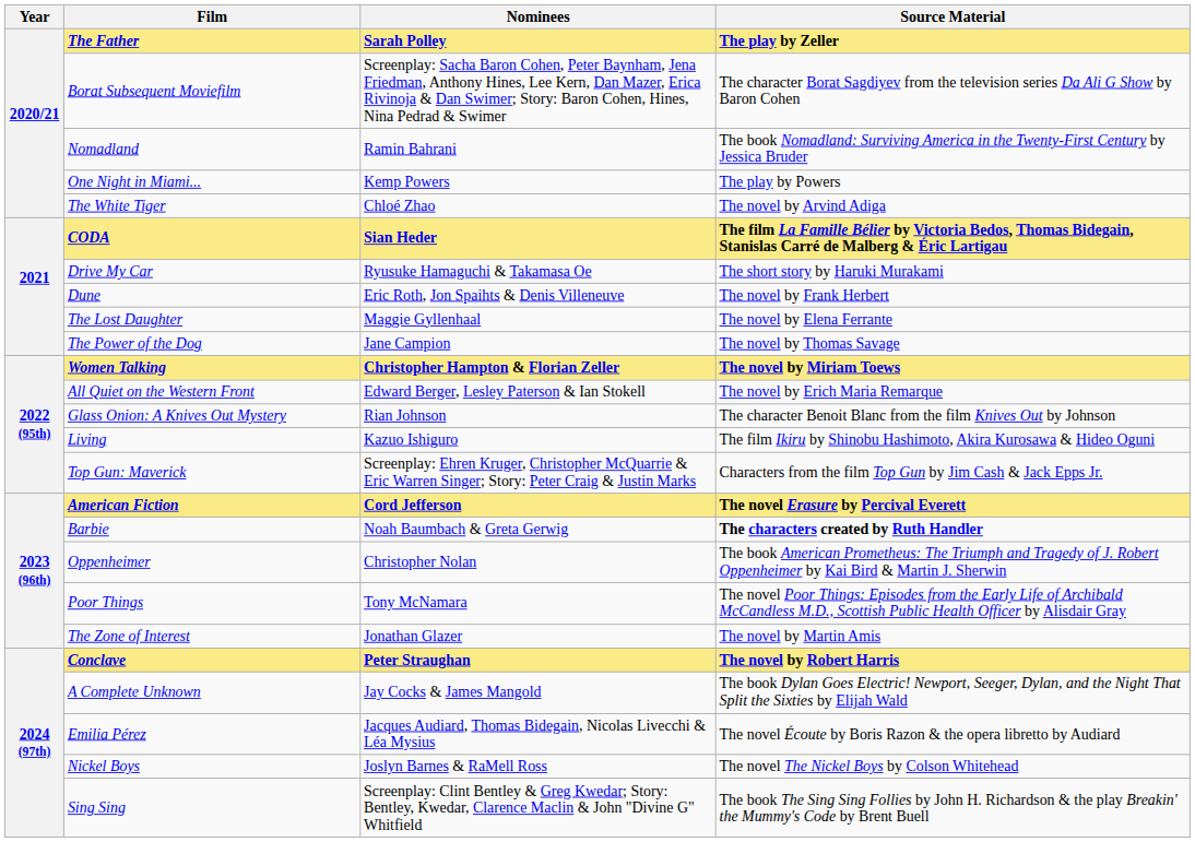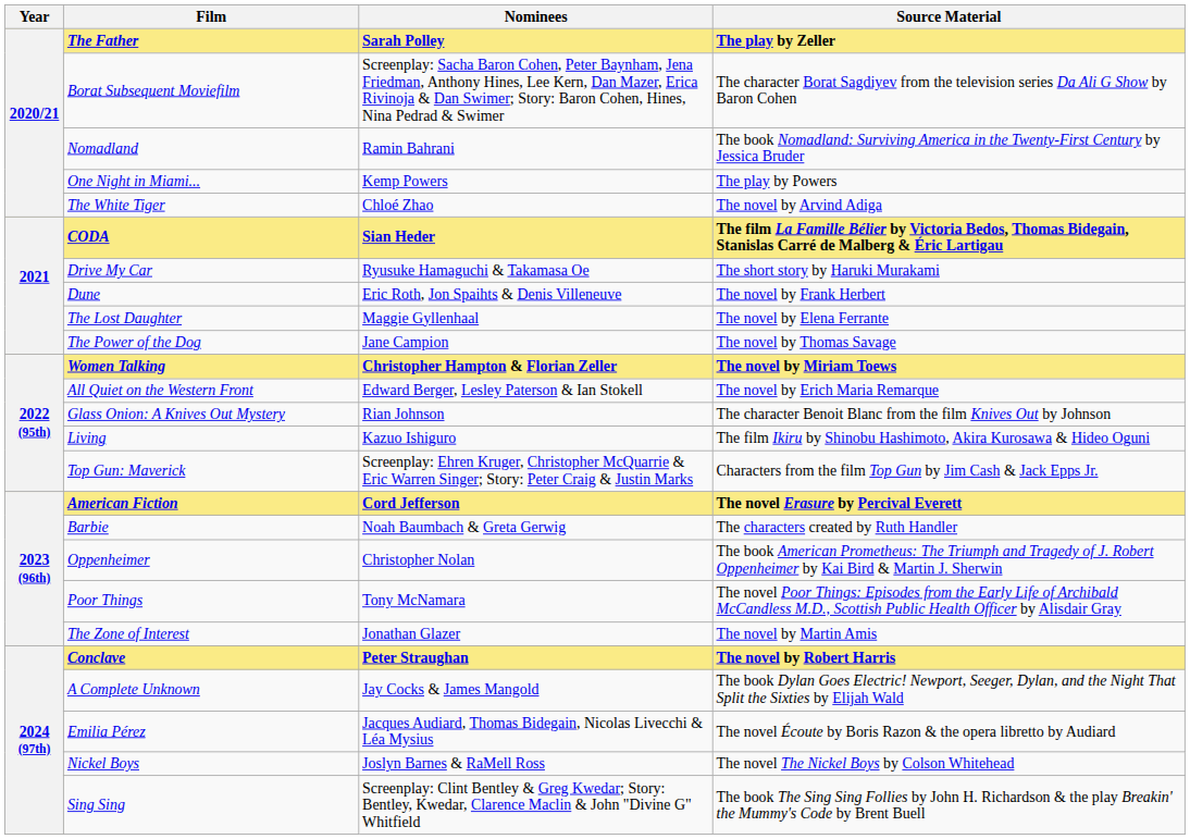 <table class="wikitable">
 <tr>
 <th width="5%">Year</th>
 <th width="25%">Film</th>
 <th width="30%">Nominees</th>
 <th width="40%">Source Material</th>
 </tr>
 <tr style="background:#FAEB86">
 <th rowspan="5"><a href='#'>2020/21</a><br> <br></th>
 <td><strong><em><a href='#'>The Father</a></em></strong></td>
 <td><strong><a href='#'>Sarah Polley</a></strong></td>
 <td><strong><a href='#'>The play</a> by Zeller</strong></td>
 </tr>
 <tr>
 <td><em><a href='#'>Borat Subsequent Moviefilm</a></em></td>
 <td>Screenplay: <a href='#'>Sacha Baron Cohen</a>, <a href='#'>Peter Baynham</a>, <a href='#'>Jena Friedman</a>, Anthony Hines, Lee Kern, <a href='#'>Dan Mazer</a>, <a href='#'>Erica Rivinoja</a> & <a href='#'>Dan Swimer</a>; Story: Baron Cohen, Hines, Nina Pedrad & Swimer</td>
 <td>The character <a href='#'>Borat Sagdiyev</a> from the television series <em><a href='#'>Da Ali G Show</a></em> by Baron Cohen</td>
 </tr>
 <tr>
 <td><em><a href='#'>Nomadland</a></em></td>
 <td><a href='#'>Ramin Bahrani</a></td>
 <td>The book <em><a href='#'>Nomadland: Surviving America in the Twenty-First Century</a></em> by <a href='#'>Jessica Bruder</a></td>
 </tr>
 <tr>
 <td><em><a href='#'>One Night in Miami...</a></em></td>
 <td><a href='#'>Kemp Powers</a></td>
 <td><a href='#'>The play</a> by Powers</td>
 </tr>
 <tr>
 <td><em><a href='#'>The White Tiger</a></em></td>
 <td><a href='#'>Chloé Zhao</a></td>
 <td><a href='#'>The novel</a> by <a href='#'>Arvind Adiga</a></td>
 </tr>
 <tr style="background:#FAEB86">
 <th rowspan="5"><a href='#'>2021</a><br> <br></th>
 <td><em><a href='#'><strong>CODA</strong></a></em></td>
 <td><strong><a href='#'>Sian Heder</a></strong></td>
 <td><strong>The film <em><a href='#'>La Famille Bélier</a></em> by <a href='#'>Victoria Bedos</a>, <a href='#'>Thomas Bidegain</a>, Stanislas Carré de Malberg & <a href='#'>Éric Lartigau</a></strong></td>
 </tr>
 <tr>
 <td><em><a href='#'>Drive My Car</a></em></td>
 <td><a href='#'>Ryusuke Hamaguchi</a> & <a href='#'>Takamasa Oe</a></td>
 <td><a href='#'>The short story</a> by <a href='#'>Haruki Murakami</a></td>
 </tr>
 <tr>
 <td><em><a href='#'>Dune</a></em></td>
 <td><a href='#'>Eric Roth</a>, <a href='#'>Jon Spaihts</a> & <a href='#'>Denis Villeneuve</a></td>
 <td><a href='#'>The novel</a> by <a href='#'>Frank Herbert</a></td>
 </tr>
 <tr>
 <td><em><a href='#'>The Lost Daughter</a></em></td>
 <td><a href='#'>Maggie Gyllenhaal</a></td>
 <td><a href='#'>The novel</a> by <a href='#'>Elena Ferrante</a></td>
 </tr>
 <tr>
 <td><em><a href='#'>The Power of the Dog</a></em></td>
 <td><a href='#'>Jane Campion</a></td>
 <td><a href='#'>The novel</a> by <a href='#'>Thomas Savage</a></td>
 </tr>
 <tr style="background:#FAEB86">
 <th rowspan="5"><a href='#'>2022</a> <br><small><a href='#'>(95th)</a></small><br></th>
 <td><strong><em><a href='#'>Women Talking</a></em></strong></td>
 <td><strong><a href='#'>Christopher Hampton</a> & <a href='#'>Florian Zeller</a></strong></td>
 <td><strong><a href='#'>The novel</a> by <a href='#'>Miriam Toews</a></strong></td>
 </tr>
 <tr>
 <td><em><a href='#'>All Quiet on the Western Front</a></em></td>
 <td><a href='#'>Edward Berger</a>, <a href='#'>Lesley Paterson</a> & Ian Stokell</td>
 <td><a href='#'>The novel</a> by <a href='#'>Erich Maria Remarque</a></td>
 </tr>
 <tr>
 <td><em><a href='#'>Glass Onion: A Knives Out Mystery</a></em></td>
 <td><a href='#'>Rian Johnson</a></td>
 <td>The character Benoit Blanc from the film <em><a href='#'>Knives Out</a></em> by Johnson</td>
 </tr>
 <tr>
 <td><em><a href='#'>Living</a></em></td>
 <td><a href='#'>Kazuo Ishiguro</a></td>
 <td>The film <em><a href='#'>Ikiru</a></em> by <a href='#'>Shinobu Hashimoto</a>, <a href='#'>Akira Kurosawa</a> & <a href='#'>Hideo Oguni</a></td>
 </tr>
 <tr>
 <td><em><a href='#'>Top Gun: Maverick</a></em></td>
 <td>Screenplay: <a href='#'>Ehren Kruger</a>, <a href='#'>Christopher McQuarrie</a> & <a href='#'>Eric Warren Singer</a>; Story: <a href='#'>Peter Craig</a> & <a href='#'>Justin Marks</a></td>
 <td>Characters from the film <em><a href='#'>Top Gun</a></em> by <a href='#'>Jim Cash</a> & <a href='#'>Jack Epps Jr.</a></td>
 </tr>
 <tr style="background:#FAEB86">
 <th rowspan="5"><a href='#'>2023</a> <br><small><a href='#'>(96th)</a></small> <br></th>
 <td><strong><em><a href='#'>American Fiction</a></em></strong></td>
 <td><strong><a href='#'>Cord Jefferson</a></strong></td>
 <td><strong>The novel <em><a href='#'>Erasure</a></em> by <a href='#'>Percival Everett</a></strong></td>
 </tr>
 <tr>
 <td><em><a href='#'>Barbie</a></em></td>
 <td><a href='#'>Noah Baumbach</a> & <a href='#'>Greta Gerwig</a></td>
-<td><strong>The <a href='#'>characters</a> created by <a href='#'>Ruth Handler</a></strong></td>
+<td>The <a href='#'>characters</a> created by <a href='#'>Ruth Handler</a></td>
 </tr>
 <tr>
 <td><em><a href='#'>Oppenheimer</a></em></td>
 <td><a href='#'>Christopher Nolan</a></td>
 <td>The book <em><a href='#'>American Prometheus: The Triumph and Tragedy of J. Robert Oppenheimer</a></em> by <a href='#'>Kai Bird</a> & <a href='#'>Martin J. Sherwin</a></td>
 </tr>
 <tr>
 <td><em><a href='#'>Poor Things</a></em></td>
 <td><a href='#'>Tony McNamara</a></td>
 <td>The novel <em><a href='#'>Poor Things: Episodes from the Early Life of Archibald McCandless M.D., Scottish Public Health Officer</a></em> by <a href='#'>Alisdair Gray</a></td>
 </tr>
 <tr>
 <td><em><a href='#'>The Zone of Interest</a></em></td>
 <td><a href='#'>Jonathan Glazer</a></td>
 <td><a href='#'>The novel</a> by <a href='#'>Martin Amis</a></td>
 </tr>
 <tr style="background:#FAEB86">
 <th rowspan="5"><a href='#'>2024</a> <br><small><a href='#'>(97th)</a></small> <br></th>
 <td><strong><a href='#'><em>Conclave</em></a></strong></td>
 <td><strong><a href='#'>Peter Straughan</a></strong></td>
 <td><strong><a href='#'>The novel</a> by <a href='#'>Robert Harris</a></strong></td>
 </tr>
 <tr>
 <td><em><a href='#'>A Complete Unknown</a></em></td>
 <td><a href='#'>Jay Cocks</a> & <a href='#'>James Mangold</a></td>
 <td>The book <em>Dylan Goes Electric! Newport, Seeger, Dylan, and the Night That Split the Sixties</em> by <a href='#'>Elijah Wald</a></td>
 </tr>
 <tr>
 <td><em><a href='#'>Emilia Pérez</a></em></td>
 <td><a href='#'>Jacques Audiard</a>, <a href='#'>Thomas Bidegain</a>, Nicolas Livecchi & <a href='#'>Léa Mysius</a></td>
 <td>The novel <em>Écoute</em> by Boris Razon & the opera libretto by Audiard</td>
 </tr>
 <tr>
 <td><em><a href='#'>Nickel Boys</a></em></td>
 <td><a href='#'>Joslyn Barnes</a> & <a href='#'>RaMell Ross</a></td>
 <td>The novel <em><a href='#'>The Nickel Boys</a></em> by <a href='#'>Colson Whitehead</a></td>
 </tr>
 <tr>
 <td><a href='#'><em>Sing Sing</em></a></td>
 <td>Screenplay: Clint Bentley & <a href='#'>Greg Kwedar</a>; Story: Bentley, Kwedar, <a href='#'>Clarence Maclin</a> & John "Divine G" Whitfield</td>
 <td>The book <em>The Sing Sing Follies</em> by John H. Richardson & the play <em>Breakin' the Mummy's Code</em> by Brent Buell</td>
 </tr>
 </table>
